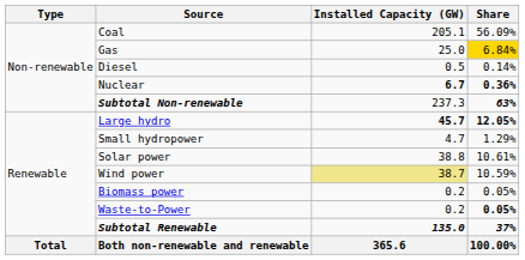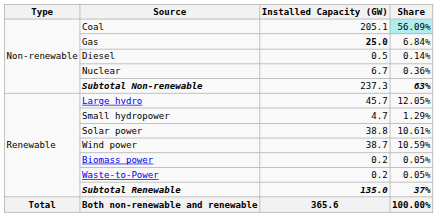 <table class="wikitable sortable" border="1">
 <tr>
 <th>Type</th>
 <th>Source</th>
 <th>Installed Capacity (GW)</th>
 <th>Share</th>
 </tr>
 <tr>
 <td rowspan="5">Non-renewable</td>
 <td>Coal</td>
 <td align="right">205.1</td>
-<td align="right">56.09%</td>
+<td align="right" style="background: paleturquoise;">56.09%</td>
 </tr>
 <tr>
 <td>Gas</td>
-<td align="right">25.0</td>
-<td align="right" style="background: gold;">6.84%</td>
+<td align="right"><strong>25.0</strong></td>
+<td align="right">6.84%</td>
 </tr>
 <tr>
 <td>Diesel</td>
 <td align="right">0.5</td>
 <td align="right">0.14%</td>
 </tr>
 <tr>
 <td>Nuclear</td>
-<td align="right"><strong>6.7</strong></td>
-<td align="right"><strong>0.36%</strong></td>
+<td align="right">6.7</td>
+<td align="right">0.36%</td>
 </tr>
 <tr>
 <td><strong><em>Subtotal Non-renewable</em></strong></td>
 <td align="right">237.3</td>
 <td align="right"><strong><em>63%</em></strong></td>
 </tr>
 <tr>
 <td rowspan="7">Renewable</td>
 <td><a href='#'>Large hydro</a></td>
-<td align="right"><strong>45.7</strong></td>
-<td align="right"><strong>12.05%</strong></td>
+<td align="right">45.7</td>
+<td align="right">12.05%</td>
 </tr>
 <tr>
 <td>Small hydropower</td>
 <td align="right">4.7</td>
 <td align="right">1.29%</td>
 </tr>
 <tr>
 <td>Solar power</td>
 <td align="right">38.8</td>
 <td align="right">10.61%</td>
 </tr>
 <tr>
 <td>Wind power</td>
-<td align="right" style="background: khaki;">38.7</td>
+<td align="right">38.7</td>
 <td align="right">10.59%</td>
 </tr>
 <tr>
 <td><a href='#'>Biomass power</a></td>
 <td align="right">0.2</td>
 <td align="right">0.05%</td>
 </tr>
 <tr>
 <td><a href='#'>Waste-to-Power</a></td>
 <td align="right">0.2</td>
-<td align="right"><strong>0.05%</strong></td>
+<td align="right">0.05%</td>
 </tr>
 <tr>
 <td><strong><em>Subtotal Renewable</em></strong></td>
 <td align="right"><strong><em>135.0</em></strong></td>
 <td align="right"><strong><em>37%</em></strong></td>
 </tr>
 <tr>
 <th>Total</th>
 <th>Both non-renewable and renewable</th>
 <th align="right"><strong>365.6</strong></th>
 <th align="right"><strong>100.00%</strong></th>
 </tr>
 </table>
